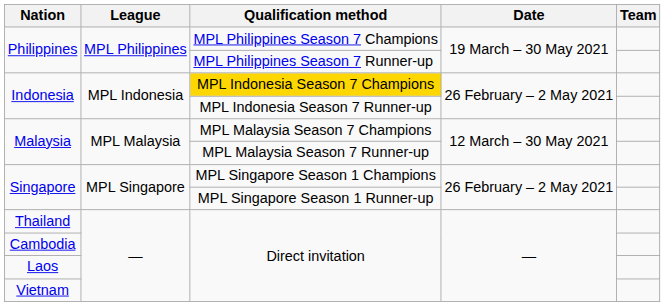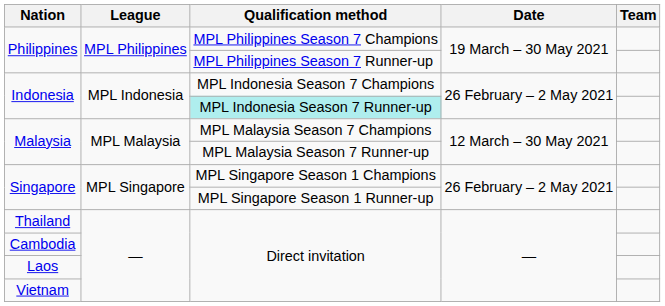 <table class="wikitable collapsible">
 <tr>
 <th>Nation</th>
 <th>League</th>
 <th>Qualification method</th>
 <th>Date</th>
 <th>Team</th>
 </tr>
 <tr align="center">
 <td rowspan=2> <a href='#'>Philippines</a></td>
 <td rowspan=2><a href='#'>MPL Philippines</a></td>
 <td><a href='#'>MPL Philippines Season 7</a> Champions</td>
 <td rowspan=2>19 March – 30 May 2021</td>
 <td></td>
 </tr>
 <tr>
 <td><a href='#'>MPL Philippines Season 7</a> Runner-up</td>
 <td></td>
 </tr>
 <tr align="center">
 <td rowspan=2> <a href='#'>Indonesia</a></td>
 <td rowspan=2>MPL Indonesia</td>
-<td style="background: gold;">MPL Indonesia Season 7 Champions</td>
+<td>MPL Indonesia Season 7 Champions</td>
 <td rowspan=2>26 February – 2 May 2021</td>
 <td></td>
 </tr>
 <tr align="center">
-<td>MPL Indonesia Season 7 Runner-up</td>
+<td style="background: paleturquoise;">MPL Indonesia Season 7 Runner-up</td>
 <td></td>
 </tr>
 <tr align="center">
 <td rowspan=2> <a href='#'>Malaysia</a></td>
 <td rowspan=2>MPL Malaysia</td>
 <td>MPL Malaysia Season 7 Champions</td>
 <td rowspan=2>12 March – 30 May 2021</td>
 <td></td>
 </tr>
 <tr align="center">
 <td>MPL Malaysia Season 7 Runner-up</td>
 <td></td>
 </tr>
 <tr align="center">
 <td rowspan=2> <a href='#'>Singapore</a></td>
 <td rowspan=2>MPL Singapore</td>
 <td>MPL Singapore Season 1 Champions</td>
 <td rowspan=2>26 February – 2 May 2021</td>
 <td></td>
 </tr>
 <tr align="center">
 <td>MPL Singapore Season 1 Runner-up</td>
 <td></td>
 </tr>
 <tr align="center">
 <td> <a href='#'>Thailand</a></td>
 <td rowspan=4>—</td>
 <td rowspan=4>Direct invitation</td>
 <td rowspan=4>—</td>
 <td></td>
 </tr>
 <tr align="center">
 <td> <a href='#'>Cambodia</a></td>
 <td></td>
 </tr>
 <tr align="center">
 <td> <a href='#'>Laos</a></td>
 <td></td>
 </tr>
 <tr align="center">
 <td> <a href='#'>Vietnam</a></td>
 <td></td>
 </tr>
 </table>
